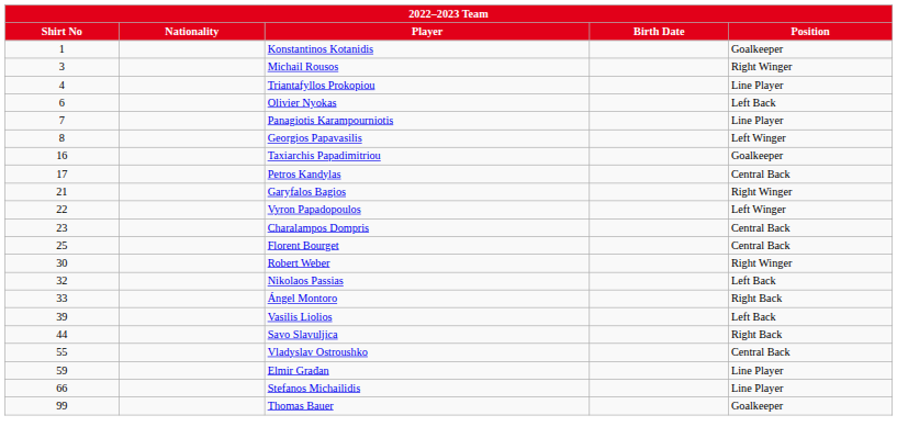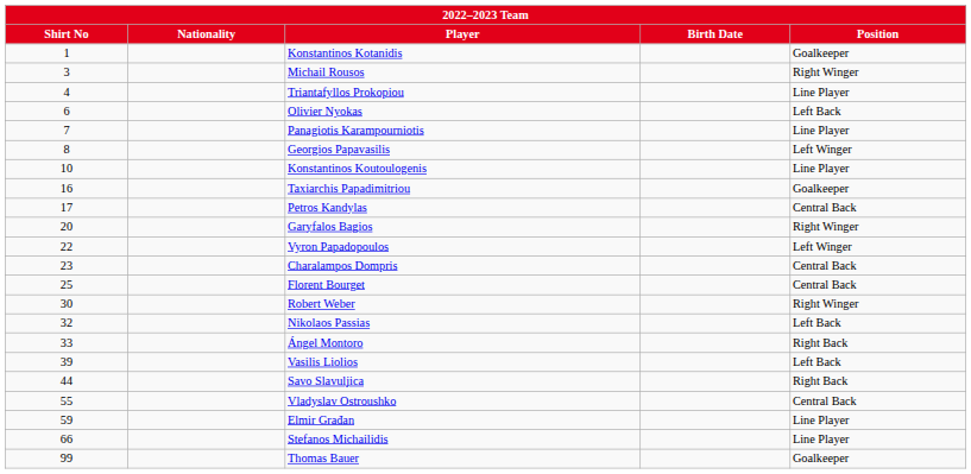 <table class="wikitable collapsible collapsed" style="width:100%">
 <tr>
 <th colspan=5 style="background-color:#E20019;color:#FFFFFF;text-align:center;"><strong>2022–2023 Team</strong></th>
 </tr>
 <tr>
 <th style="color:#FFFFFF; background:#E20019">Shirt No</th>
 <th style="color:#FFFFFF; background:#E20019">Nationality</th>
 <th style="color:#FFFFFF; background:#E20019">Player</th>
 <th style="color:#FFFFFF; background:#E20019">Birth Date</th>
 <th style="color:#FFFFFF; background:#E20019">Position</th>
 </tr>
 <tr>
 <td align=center>1</td>
 <td></td>
 <td><a href='#'>Konstantinos Kotanidis</a></td>
 <td></td>
 <td>Goalkeeper</td>
 </tr>
 <tr>
 <td align=center>3</td>
 <td></td>
 <td><a href='#'>Michail Rousos</a></td>
 <td></td>
 <td>Right Winger</td>
 </tr>
 <tr>
 <td align=center>4</td>
 <td></td>
 <td><a href='#'>Triantafyllos Prokopiou</a></td>
 <td></td>
 <td>Line Player</td>
 </tr>
 <tr>
 <td align=center>6</td>
 <td></td>
 <td><a href='#'>Olivier Nyokas</a></td>
 <td></td>
 <td>Left Back</td>
 </tr>
 <tr>
 <td align=center>7</td>
 <td></td>
 <td><a href='#'>Panagiotis Karampourniotis</a></td>
 <td></td>
 <td>Line Player</td>
 </tr>
 <tr>
 <td align=center>8</td>
 <td></td>
 <td><a href='#'>Georgios Papavasilis</a></td>
 <td></td>
 <td>Left Winger</td>
 </tr>
 <tr>
+<td align=center>10</td>
+<td></td>
+<td><a href='#'>Konstantinos Koutoulogenis</a></td>
+<td></td>
+<td>Line Player</td>
+</tr>
+<tr>
 <td align=center>16</td>
 <td></td>
 <td><a href='#'>Taxiarchis Papadimitriou</a></td>
 <td></td>
 <td>Goalkeeper</td>
 </tr>
 <tr>
 <td align=center>17</td>
 <td></td>
 <td><a href='#'>Petros Kandylas</a></td>
 <td></td>
 <td>Central Back</td>
 </tr>
 <tr>
-<td align=center>21</td>
+<td align=center>20</td>
 <td></td>
 <td><a href='#'>Garyfalos Bagios</a></td>
 <td></td>
 <td>Right Winger</td>
 </tr>
 <tr>
 <td align=center>22</td>
 <td></td>
 <td><a href='#'>Vyron Papadopoulos</a></td>
 <td></td>
 <td>Left Winger</td>
 </tr>
 <tr>
 <td align=center>23</td>
 <td></td>
 <td><a href='#'>Charalampos Dompris</a></td>
 <td></td>
 <td>Central Back</td>
 </tr>
 <tr>
 <td align=center>25</td>
 <td></td>
 <td><a href='#'>Florent Bourget</a></td>
 <td></td>
 <td>Central Back</td>
 </tr>
 <tr>
 <td align=center>30</td>
 <td></td>
 <td><a href='#'>Robert Weber</a></td>
 <td></td>
 <td>Right Winger</td>
 </tr>
 <tr>
 <td align=center>32</td>
 <td></td>
 <td><a href='#'>Nikolaos Passias</a></td>
 <td></td>
 <td>Left Back</td>
 </tr>
 <tr>
 <td align=center>33</td>
 <td></td>
 <td><a href='#'>Ángel Montoro</a></td>
 <td></td>
 <td>Right Back</td>
 </tr>
 <tr>
 <td align=center>39</td>
 <td></td>
 <td><a href='#'>Vasilis Liolios</a></td>
 <td></td>
 <td>Left Back</td>
 </tr>
 <tr>
 <td align=center>44</td>
 <td></td>
 <td><a href='#'>Savo Slavuljica</a></td>
 <td></td>
 <td>Right Back</td>
 </tr>
 <tr>
 <td align=center>55</td>
 <td></td>
 <td><a href='#'>Vladyslav Ostroushko</a></td>
 <td></td>
 <td>Central Back</td>
 </tr>
 <tr>
 <td align=center>59</td>
 <td></td>
 <td><a href='#'>Elmir Građan</a></td>
 <td></td>
 <td>Line Player</td>
 </tr>
 <tr>
 <td align=center>66</td>
 <td></td>
 <td><a href='#'>Stefanos Michailidis</a></td>
 <td></td>
 <td>Line Player</td>
 </tr>
 <tr>
 <td align=center>99</td>
 <td></td>
 <td><a href='#'>Thomas Bauer</a></td>
 <td></td>
 <td>Goalkeeper</td>
 </tr>
 </table>
